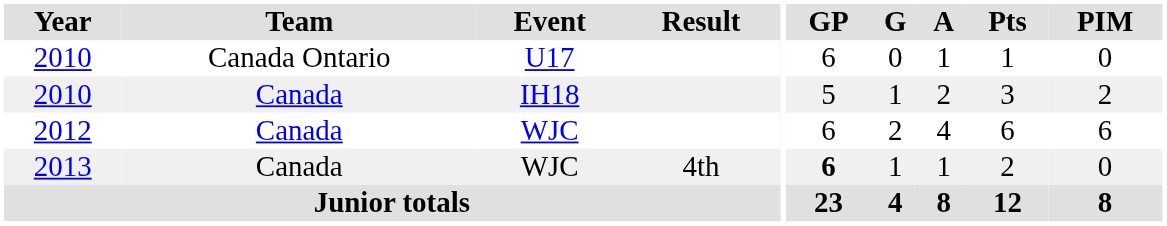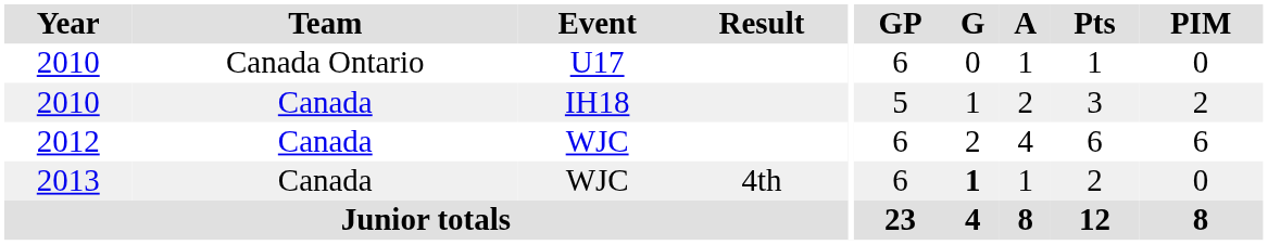 <table border="0" cellpadding="1" cellspacing="0" ID="Table3" style="text-align:center; width:40em;">
 <tr bgcolor="#e0e0e0">
 <th>Year</th>
 <th>Team</th>
 <th>Event</th>
 <th>Result</th>
 <th rowspan="99" bgcolor="#ffffff"></th>
 <th>GP</th>
 <th>G</th>
 <th>A</th>
 <th>Pts</th>
 <th>PIM</th>
 </tr>
 <tr>
 <td><a href='#'>2010</a></td>
 <td>Canada Ontario</td>
 <td><a href='#'>U17</a></td>
 <td></td>
 <td>6</td>
 <td>0</td>
 <td>1</td>
 <td>1</td>
 <td>0</td>
 </tr>
 <tr bgcolor="#f0f0f0">
 <td><a href='#'>2010</a></td>
 <td><a href='#'>Canada</a></td>
 <td><a href='#'>IH18</a></td>
 <td></td>
 <td>5</td>
 <td>1</td>
 <td>2</td>
 <td>3</td>
 <td>2</td>
 </tr>
 <tr>
 <td><a href='#'>2012</a></td>
 <td><a href='#'>Canada</a></td>
 <td><a href='#'>WJC</a></td>
 <td></td>
 <td>6</td>
 <td>2</td>
 <td>4</td>
 <td>6</td>
 <td>6</td>
 </tr>
 <tr bgcolor="#f0f0f0">
 <td><a href='#'>2013</a></td>
 <td>Canada</td>
 <td>WJC</td>
 <td>4th</td>
-<td><strong>6</strong></td>
-<td>1</td>
+<td>6</td>
+<td><strong>1</strong></td>
 <td>1</td>
 <td>2</td>
 <td>0</td>
 </tr>
 <tr bgcolor="#e0e0e0">
 <th colspan="4">Junior totals</th>
 <th>23</th>
 <th>4</th>
 <th>8</th>
 <th>12</th>
 <th>8</th>
 </tr>
 </table>
